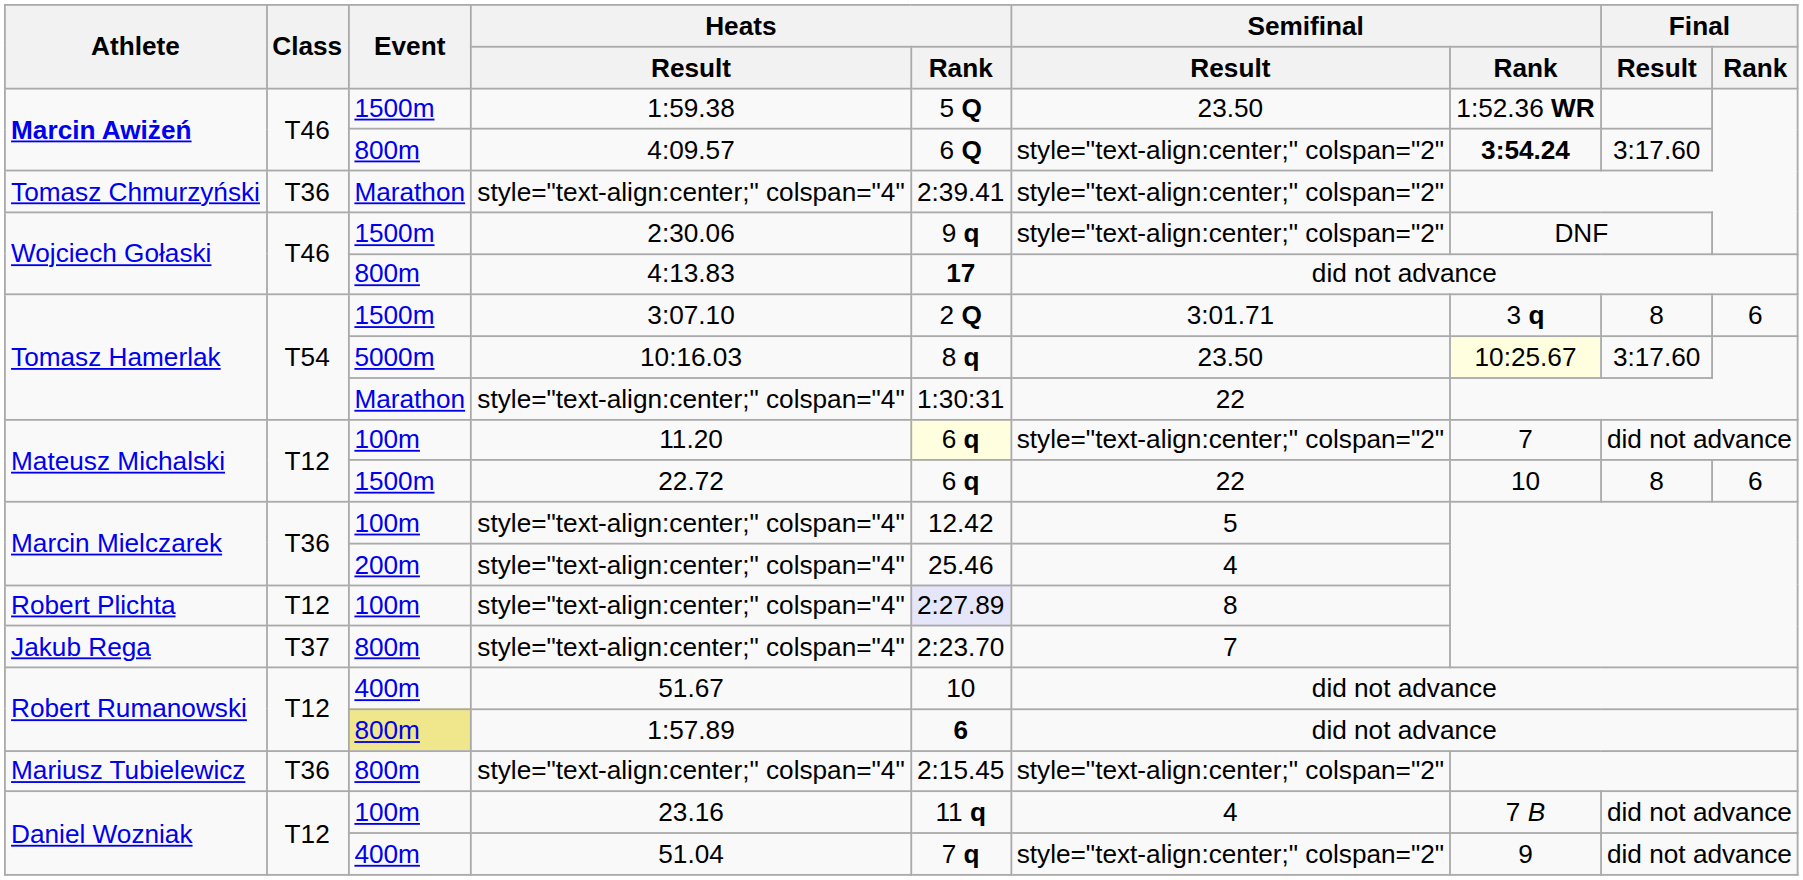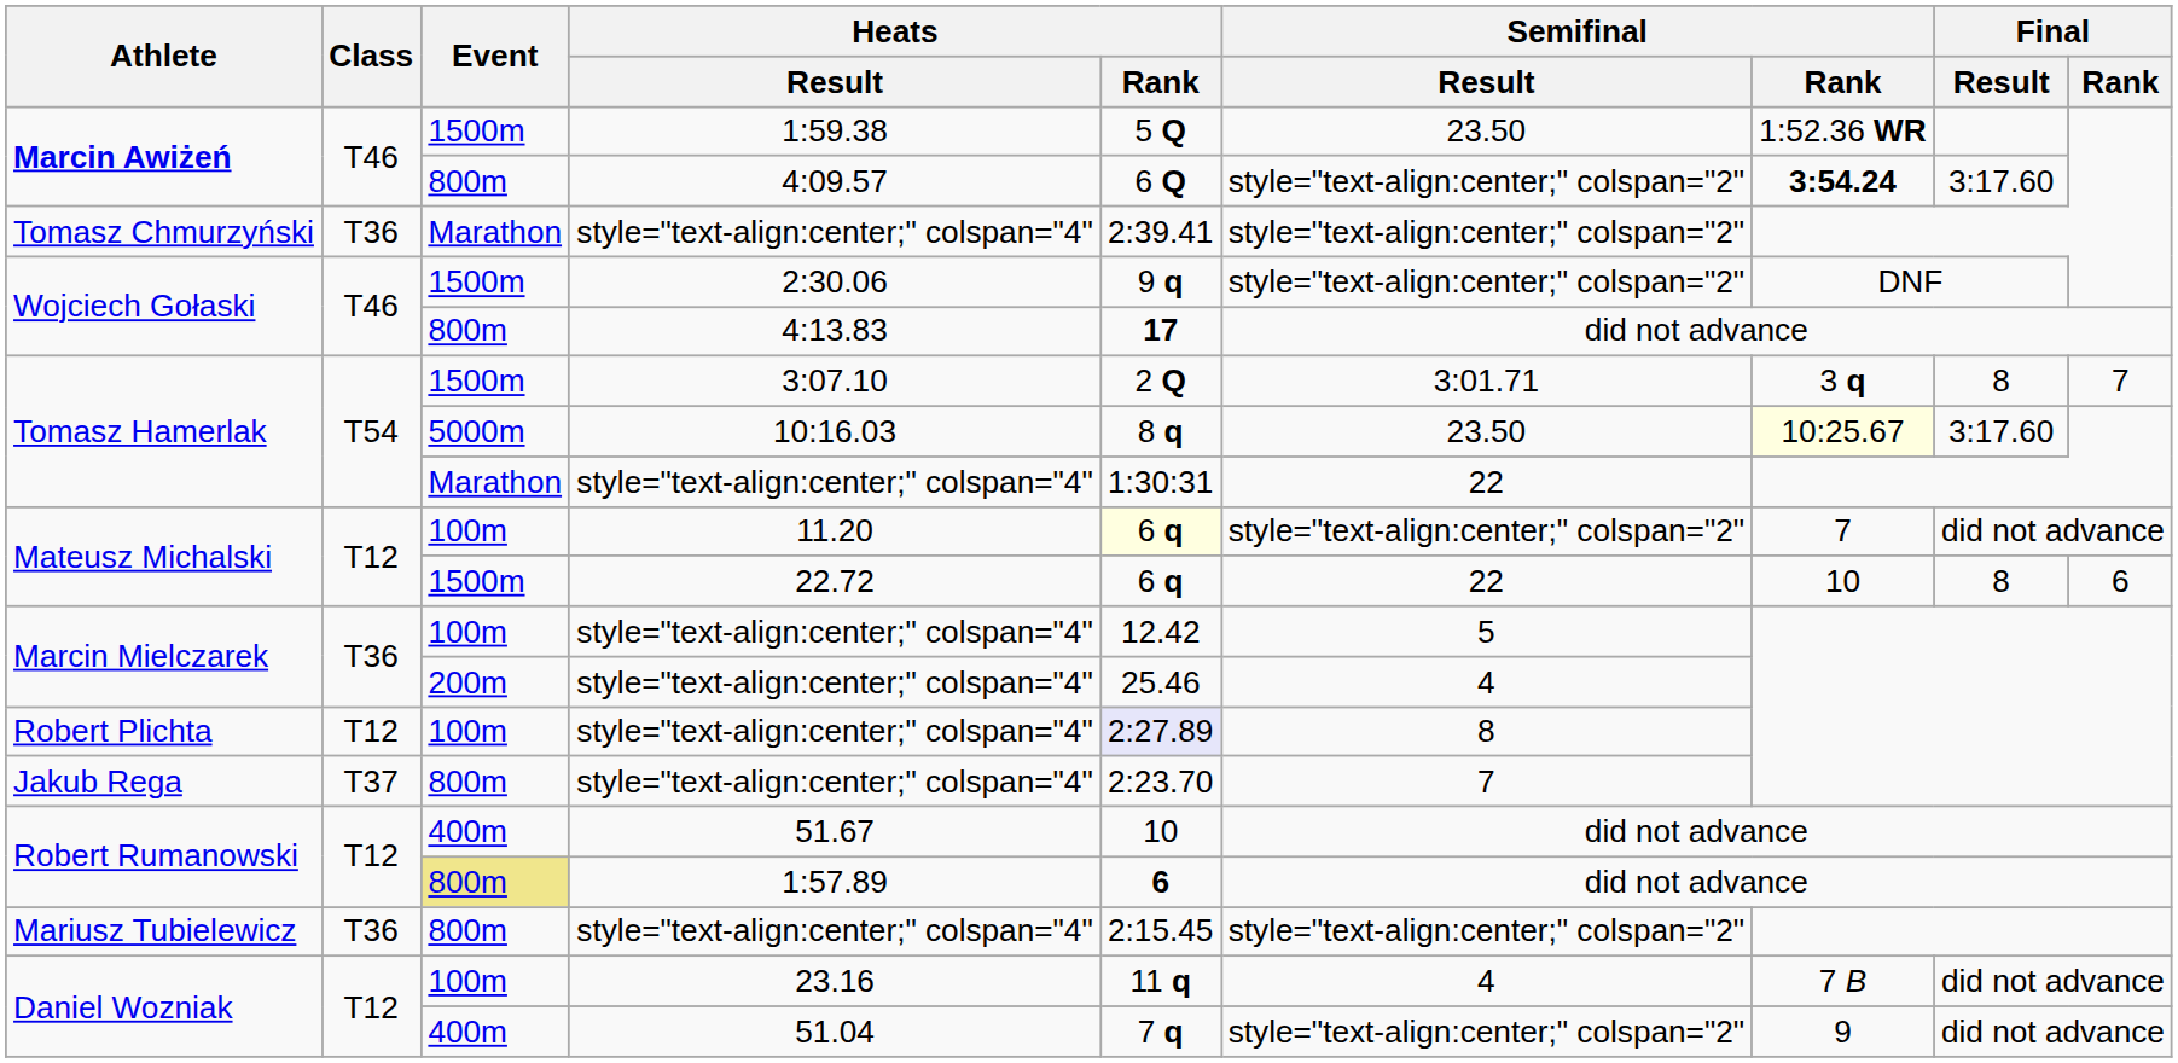 <table class=wikitable style="font-size:90%">
 <tr>
 <th rowspan="2">Athlete</th>
 <th rowspan="2">Class</th>
 <th rowspan="2">Event</th>
 <th colspan="2">Heats</th>
 <th colspan="2">Semifinal</th>
 <th colspan="2">Final</th>
 </tr>
 <tr>
 <th>Result</th>
 <th>Rank</th>
 <th>Result</th>
 <th>Rank</th>
 <th>Result</th>
 <th>Rank</th>
 </tr>
 <tr>
 <td rowspan="2"><strong><a href='#'>Marcin Awiżeń</a></strong></td>
 <td rowspan="2" style="text-align:center;">T46</td>
 <td><a href='#'>1500m</a></td>
 <td style="text-align:center;">1:59.38</td>
 <td style="text-align:center;">5 <strong>Q</strong></td>
 <td style="text-align:center;">23.50</td>
 <td style="text-align:center;">1:52.36 <strong>WR</strong></td>
 <td style="text-align:center;"></td>
 </tr>
 <tr>
 <td><a href='#'>800m</a></td>
 <td style="text-align:center;">4:09.57</td>
 <td style="text-align:center;">6 <strong>Q</strong></td>
 <td>style="text-align:center;" colspan="2" </td>
 <td style="text-align:center;"><strong>3:54.24</strong></td>
 <td style="text-align:center;">3:17.60</td>
 </tr>
 <tr>
 <td><a href='#'>Tomasz Chmurzyński</a></td>
 <td style="text-align:center;">T36</td>
 <td><a href='#'>Marathon</a></td>
 <td>style="text-align:center;" colspan="4" </td>
 <td style="text-align:center;">2:39.41</td>
 <td>style="text-align:center;" colspan="2" </td>
 </tr>
 <tr>
 <td rowspan="2"><a href='#'>Wojciech Gołaski</a></td>
 <td rowspan="2" style="text-align:center;">T46</td>
 <td><a href='#'>1500m</a></td>
 <td style="text-align:center;">2:30.06</td>
 <td style="text-align:center;">9 <strong>q</strong></td>
 <td>style="text-align:center;" colspan="2" </td>
 <td style="text-align:center;" colspan="2">DNF</td>
 </tr>
 <tr>
 <td><a href='#'>800m</a></td>
 <td style="text-align:center;">4:13.83</td>
 <td style="text-align:center;"><strong>17</strong></td>
 <td style="text-align:center;" colspan="4">did not advance</td>
 </tr>
 <tr>
 <td rowspan="3"><a href='#'>Tomasz Hamerlak</a></td>
 <td rowspan="3" style="text-align:center;">T54</td>
 <td><a href='#'>1500m</a></td>
 <td style="text-align:center;">3:07.10</td>
 <td style="text-align:center;">2 <strong>Q</strong></td>
 <td style="text-align:center;">3:01.71</td>
 <td style="text-align:center;">3 <strong>q</strong></td>
 <td style="text-align:center;">8</td>
-<td style="text-align:center;">6</td>
+<td style="text-align:center;">7</td>
 </tr>
 <tr>
 <td><a href='#'>5000m</a></td>
 <td style="text-align:center;">10:16.03</td>
 <td style="text-align:center;">8 <strong>q</strong></td>
 <td style="text-align:center;">23.50</td>
 <td style="background: lightyellow; text-align:center;">10:25.67</td>
 <td style="text-align:center;">3:17.60</td>
 </tr>
 <tr>
 <td><a href='#'>Marathon</a></td>
 <td>style="text-align:center;" colspan="4" </td>
 <td style="text-align:center;">1:30:31</td>
 <td style="text-align:center;">22</td>
 </tr>
 <tr>
 <td rowspan="2"><a href='#'>Mateusz Michalski</a></td>
 <td rowspan="2" style="text-align:center;">T12</td>
 <td><a href='#'>100m</a></td>
 <td style="text-align:center;">11.20</td>
 <td style="background: lightyellow; text-align:center;">6 <strong>q</strong></td>
 <td>style="text-align:center;" colspan="2" </td>
 <td style="text-align:center;">7</td>
 <td style="text-align:center;" colspan="2">did not advance</td>
 </tr>
 <tr>
 <td><a href='#'>1500m</a></td>
 <td style="text-align:center;">22.72</td>
 <td style="text-align:center;">6 <strong>q</strong></td>
 <td style="text-align:center;">22</td>
 <td style="text-align:center;">10</td>
 <td style="text-align:center;">8</td>
 <td style="text-align:center;">6</td>
 </tr>
 <tr>
 <td rowspan="2"><a href='#'>Marcin Mielczarek</a></td>
 <td rowspan="2" style="text-align:center;">T36</td>
 <td><a href='#'>100m</a></td>
 <td>style="text-align:center;" colspan="4" </td>
 <td style="text-align:center;">12.42</td>
 <td style="text-align:center;">5</td>
 </tr>
 <tr>
 <td><a href='#'>200m</a></td>
 <td>style="text-align:center;" colspan="4" </td>
 <td style="text-align:center;">25.46</td>
 <td style="text-align:center;">4</td>
 </tr>
 <tr>
 <td><a href='#'>Robert Plichta</a></td>
 <td style="text-align:center;">T12</td>
 <td><a href='#'>100m</a></td>
 <td>style="text-align:center;" colspan="4" </td>
 <td style="background: lavender; text-align:center;">2:27.89</td>
 <td style="text-align:center;">8</td>
 </tr>
 <tr>
 <td><a href='#'>Jakub Rega</a></td>
 <td style="text-align:center;">T37</td>
 <td><a href='#'>800m</a></td>
 <td>style="text-align:center;" colspan="4" </td>
 <td style="text-align:center;">2:23.70</td>
 <td style="text-align:center;">7</td>
 </tr>
 <tr>
 <td rowspan="2"><a href='#'>Robert Rumanowski</a></td>
 <td rowspan="2" style="text-align:center;">T12</td>
 <td><a href='#'>400m</a></td>
 <td style="text-align:center;">51.67</td>
 <td style="text-align:center;">10</td>
 <td style="text-align:center;" colspan="4">did not advance</td>
 </tr>
 <tr>
 <td style="background: khaki;"><a href='#'>800m</a></td>
 <td style="text-align:center;">1:57.89</td>
 <td style="text-align:center;"><strong>6</strong></td>
 <td style="text-align:center;" colspan="4">did not advance</td>
 </tr>
 <tr>
 <td><a href='#'>Mariusz Tubielewicz</a></td>
 <td style="text-align:center;">T36</td>
 <td><a href='#'>800m</a></td>
 <td>style="text-align:center;" colspan="4" </td>
 <td style="text-align:center;">2:15.45</td>
 <td>style="text-align:center;" colspan="2" </td>
 </tr>
 <tr>
 <td rowspan="2"><a href='#'>Daniel Wozniak</a></td>
 <td rowspan="2" style="text-align:center;">T12</td>
 <td><a href='#'>100m</a></td>
 <td style="text-align:center;">23.16</td>
 <td style="text-align:center;">11 <strong>q</strong></td>
 <td style="text-align:center;">4</td>
 <td style="text-align:center;">7 <em>B</em></td>
 <td style="text-align:center;" colspan="2">did not advance</td>
 </tr>
 <tr>
 <td><a href='#'>400m</a></td>
 <td style="text-align:center;">51.04</td>
 <td style="text-align:center;">7 <strong>q</strong></td>
 <td>style="text-align:center;" colspan="2" </td>
 <td style="text-align:center;">9</td>
 <td style="text-align:center;" colspan="2">did not advance</td>
 </tr>
 </table>
